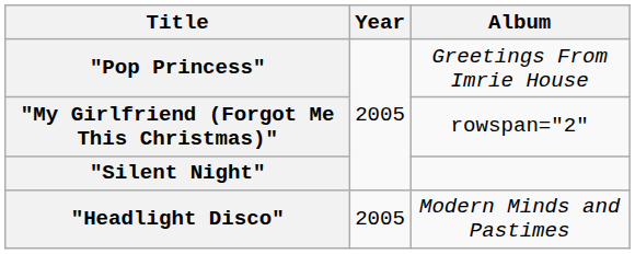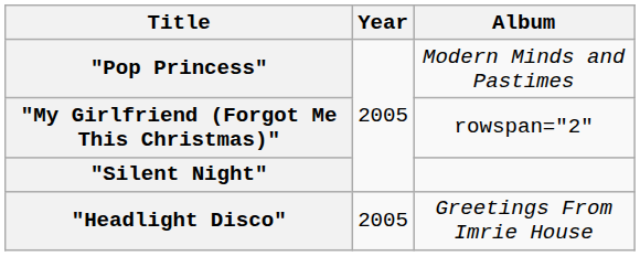 <table class="wikitable plainrowheaders" style="text-align:center;">
 <tr>
 <th scope="col" style="width:16em;">Title</th>
 <th scope="col">Year</th>
 <th scope="col" style="width:10em;">Album</th>
 </tr>
 <tr>
 <th scope="row">"Pop Princess"</th>
 <td rowspan="3">2005</td>
-<td><em>Greetings From Imrie House</em></td>
+<td><em>Modern Minds and Pastimes</em></td>
 </tr>
 <tr>
 <th scope="row">"My Girlfriend (Forgot Me This Christmas)"</th>
 <td>rowspan="2" </td>
 </tr>
 <tr>
 <th scope="row">"Silent Night"</th>
 </tr>
 <tr>
 <th scope="row">"Headlight Disco"</th>
 <td>2005</td>
-<td><em>Modern Minds and Pastimes</em></td>
+<td><em>Greetings From Imrie House</em></td>
 </tr>
 </table>
